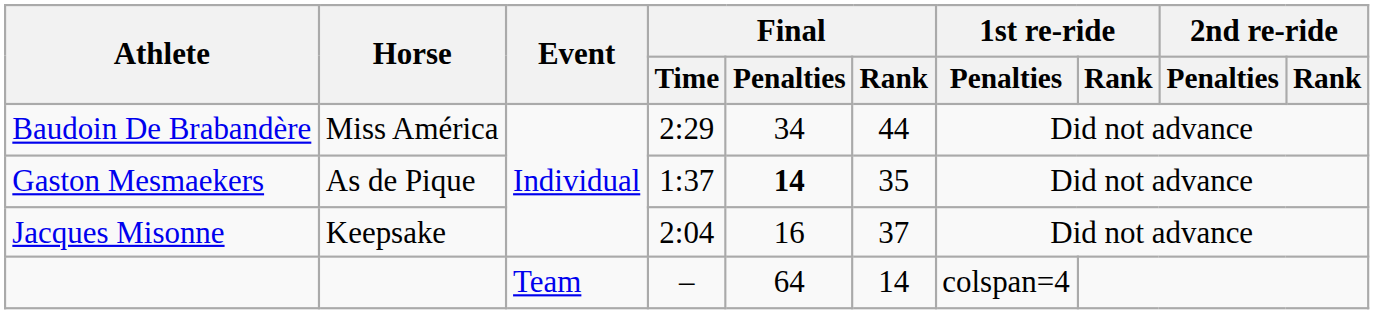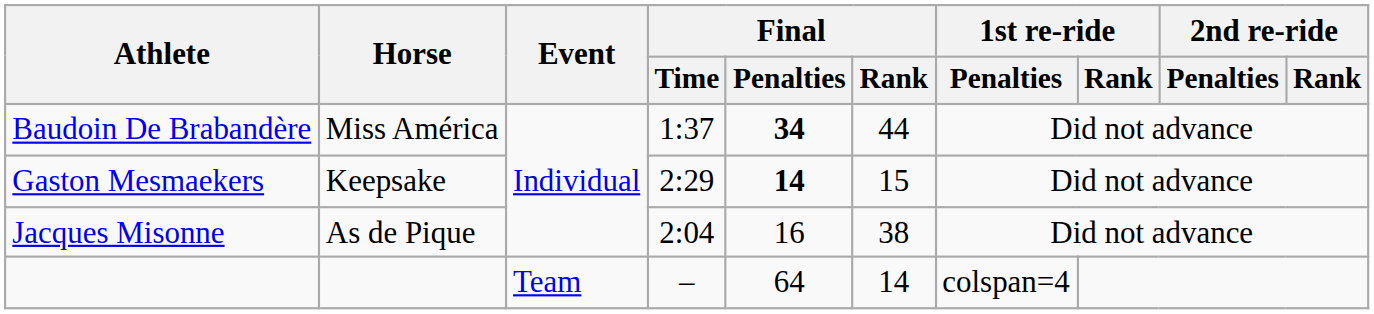 <table class=wikitable style=font-size:90%;text-align:center>
 <tr>
 <th rowspan=2>Athlete</th>
 <th rowspan=2>Horse</th>
 <th rowspan=2>Event</th>
 <th colspan=3>Final</th>
 <th colspan=2>1st re-ride</th>
 <th colspan=2>2nd re-ride</th>
 </tr>
 <tr style=font-size:95%>
 <th>Time</th>
 <th>Penalties</th>
 <th>Rank</th>
 <th>Penalties</th>
 <th>Rank</th>
 <th>Penalties</th>
 <th>Rank</th>
 </tr>
 <tr>
 <td align=left><a href='#'>Baudoin De Brabandère</a></td>
 <td align=left>Miss América</td>
 <td align=left rowspan=3><a href='#'>Individual</a></td>
-<td>2:29</td>
-<td>34</td>
+<td>1:37</td>
+<td><strong>34</strong></td>
 <td>44</td>
 <td colspan=4>Did not advance</td>
 </tr>
 <tr>
 <td align=left><a href='#'>Gaston Mesmaekers</a></td>
-<td align=left>As de Pique</td>
-<td>1:37</td>
+<td align=left>Keepsake</td>
+<td>2:29</td>
 <td><strong>14</strong></td>
-<td>35</td>
+<td>15</td>
 <td colspan=4>Did not advance</td>
 </tr>
 <tr>
 <td align=left><a href='#'>Jacques Misonne</a></td>
-<td align=left>Keepsake</td>
+<td align=left>As de Pique</td>
 <td>2:04</td>
 <td>16</td>
-<td>37</td>
+<td>38</td>
 <td colspan=4>Did not advance</td>
 </tr>
 <tr>
 <td align=left></td>
 <td align=left></td>
 <td align=left rowspan=3><a href='#'>Team</a></td>
 <td>–</td>
 <td>64</td>
 <td>14</td>
 <td>colspan=4 </td>
 </tr>
 </table>
